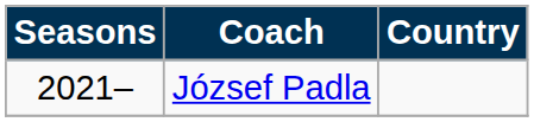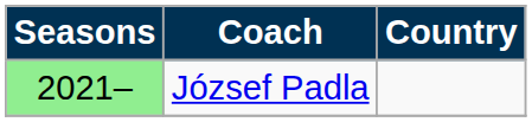 <table class="wikitable" style="text-align: center;">
 <tr>
 <th style="color:white; background:#003153">Seasons</th>
 <th style="color:white; background:#003153">Coach</th>
 <th style="color:white; background:#003153">Country</th>
 </tr>
 <tr>
-<td style="text-align: center">2021–</td>
+<td style="background: lightgreen; text-align: center">2021–</td>
 <td style="text-align: center"><a href='#'>József Padla</a></td>
 <td style="text-align: center"></td>
 </tr>
 <tr>
 </tr>
 </table>
